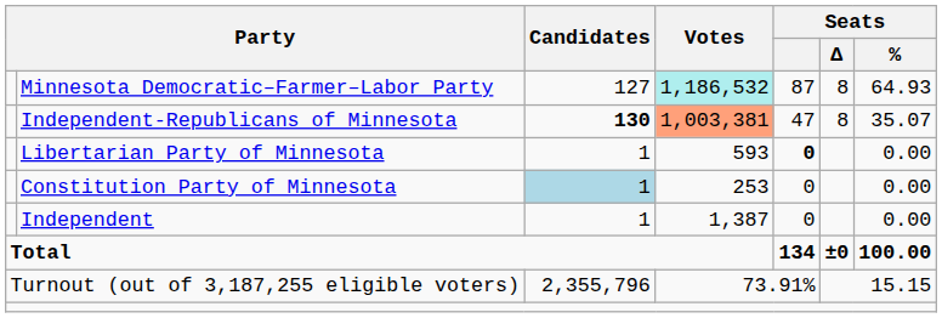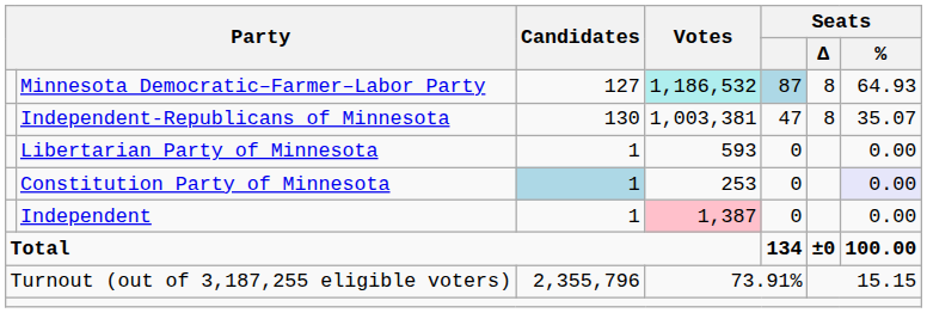 <table class="wikitable">
 <tr>
 <th rowspan="2" colspan="2">Party</th>
 <th rowspan="2">Candidates</th>
 <th rowspan="2" colspan="1">Votes</th>
 <th colspan="3">Seats</th>
 </tr>
 <tr>
 <th></th>
 <th>∆</th>
 <th>%</th>
 </tr>
 <tr>
 <td style="background-color:"></td>
 <td><a href='#'>Minnesota Democratic–Farmer–Labor Party</a></td>
 <td align="right">127</td>
 <td align="right" style="background: paleturquoise;">1,186,532</td>
-<td align="right">87</td>
+<td align="right" style="background: lightblue;">87</td>
 <td align="right">8</td>
 <td align="right">64.93</td>
 </tr>
 <tr>
 <td style="background-color:"></td>
 <td><a href='#'>Independent-Republicans of Minnesota</a></td>
-<td align="right"><strong>130</strong></td>
-<td align="right" style="background: lightsalmon;">1,003,381</td>
+<td align="right">130</td>
+<td align="right">1,003,381</td>
 <td align="right">47</td>
 <td align="right">8</td>
 <td align="right">35.07</td>
 </tr>
 <tr>
 <td style="background-color:"></td>
 <td><a href='#'>Libertarian Party of Minnesota</a></td>
 <td align="right">1</td>
 <td align="right">593</td>
-<td align="right"><strong>0</strong></td>
+<td align="right">0</td>
 <td align="right"></td>
 <td align="right">0.00</td>
 </tr>
 <tr>
 <td style="background-color:"></td>
 <td><a href='#'>Constitution Party of Minnesota</a></td>
 <td align="right" style="background: lightblue;">1</td>
 <td align="right">253</td>
 <td align="right">0</td>
 <td align="right"></td>
-<td align="right">0.00</td>
+<td align="right" style="background: lavender;">0.00</td>
 </tr>
 <tr>
 <td style="background-color:"></td>
 <td><a href='#'>Independent</a></td>
 <td align="right">1</td>
-<td align="right">1,387</td>
+<td align="right" style="background: pink;">1,387</td>
 <td align="right">0</td>
 <td align="right"></td>
 <td align="right">0.00</td>
 </tr>
 <tr>
 <td colspan="4" align="left"><strong>Total</strong></td>
 <td align="right"><strong>134</strong></td>
 <td align="right"><strong>±0</strong></td>
 <td align="right"><strong>100.00</strong></td>
 </tr>
 <tr>
 <td colspan="2" align="left">Turnout (out of 3,187,255 eligible voters)</td>
 <td colspan="1" align="right">2,355,796</td>
 <td colspan="2" align="right">73.91%</td>
 <td colspan="2" align="right">15.15 </td>
 </tr>
 <tr>
 <td colspan="7"></td>
 </tr>
 </table>
